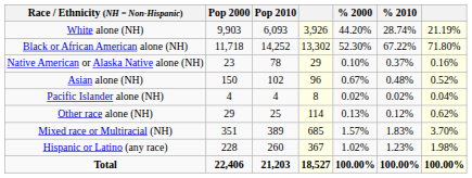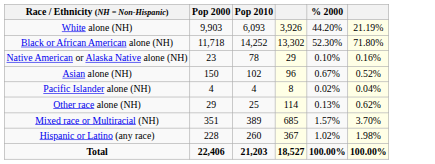 <table class="wikitable" style="text-align:center;">
 <tr>
 <th>Race / Ethnicity <small>(<em>NH = Non-Hispanic</em>)</small></th>
 <th>Pop 2000</th>
 <th>Pop 2010</th>
 <th></th>
 <th>% 2000</th>
-<th>% 2010</th>
 <th></th>
 </tr>
 <tr>
 <td><a href='#'>White</a> alone (NH)</td>
 <td>9,903</td>
 <td>6,093</td>
 <td style='background: #ffffe6;'>3,926</td>
 <td>44.20%</td>
-<td>28.74%</td>
 <td style='background: #ffffe6;'>21.19%</td>
 </tr>
 <tr>
 <td><a href='#'>Black or African American</a> alone (NH)</td>
 <td>11,718</td>
 <td>14,252</td>
 <td style='background: #ffffe6;'>13,302</td>
 <td>52.30%</td>
-<td>67.22%</td>
 <td style='background: #ffffe6;'>71.80%</td>
 </tr>
 <tr>
 <td><a href='#'>Native American</a> or <a href='#'>Alaska Native</a> alone (NH)</td>
 <td>23</td>
 <td>78</td>
 <td style='background: #ffffe6;'>29</td>
 <td>0.10%</td>
-<td>0.37%</td>
 <td style='background: #ffffe6;'>0.16%</td>
 </tr>
 <tr>
 <td><a href='#'>Asian</a> alone (NH)</td>
 <td>150</td>
 <td>102</td>
 <td style='background: #ffffe6;'>96</td>
 <td>0.67%</td>
-<td>0.48%</td>
 <td style='background: #ffffe6;'>0.52%</td>
 </tr>
 <tr>
 <td><a href='#'>Pacific Islander</a> alone (NH)</td>
 <td>4</td>
 <td>4</td>
 <td style='background: #ffffe6;'>8</td>
-<td>0.02%</td>
 <td>0.02%</td>
 <td style='background: #ffffe6;'>0.04%</td>
 </tr>
 <tr>
 <td><a href='#'>Other race</a> alone (NH)</td>
 <td>29</td>
 <td>25</td>
 <td style='background: #ffffe6;'>114</td>
 <td>0.13%</td>
-<td>0.12%</td>
 <td style='background: #ffffe6;'>0.62%</td>
 </tr>
 <tr>
 <td><a href='#'>Mixed race or Multiracial</a> (NH)</td>
 <td>351</td>
 <td>389</td>
 <td style='background: #ffffe6;'>685</td>
 <td>1.57%</td>
-<td>1.83%</td>
 <td style='background: #ffffe6;'>3.70%</td>
 </tr>
 <tr>
 <td><a href='#'>Hispanic or Latino</a> (any race)</td>
 <td>228</td>
 <td>260</td>
 <td style='background: #ffffe6;'>367</td>
 <td>1.02%</td>
-<td>1.23%</td>
 <td style='background: #ffffe6;'>1.98%</td>
 </tr>
 <tr>
 <td><strong>Total</strong></td>
 <td><strong>22,406</strong></td>
 <td><strong>21,203</strong></td>
 <td style='background: #ffffe6;'><strong>18,527</strong></td>
 <td><strong>100.00%</strong></td>
-<td><strong>100.00%</strong></td>
 <td style='background: #ffffe6;'><strong>100.00%</strong></td>
 </tr>
 </table>
